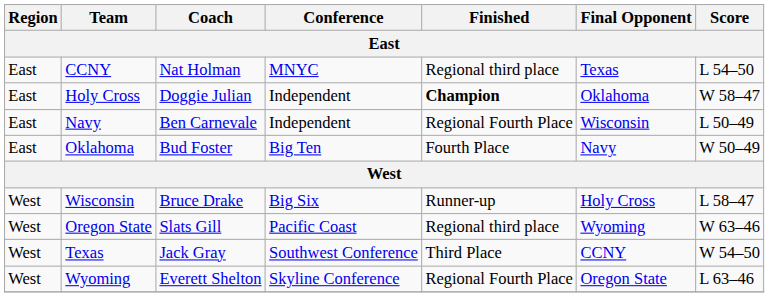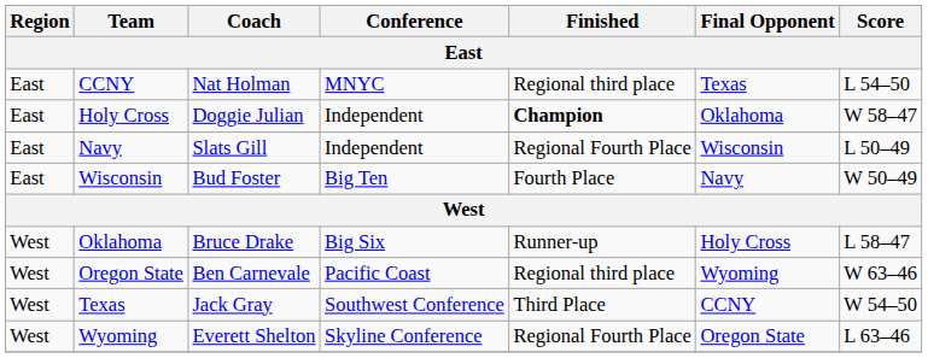 <table class=wikitable>
 <tr>
 <th>Region</th>
 <th>Team</th>
 <th>Coach</th>
 <th>Conference</th>
 <th>Finished</th>
 <th>Final Opponent</th>
 <th>Score</th>
 </tr>
 <tr>
 <th colspan=7>East</th>
 </tr>
 <tr>
 <td>East</td>
 <td><a href='#'>CCNY</a></td>
 <td><a href='#'>Nat Holman</a></td>
 <td><a href='#'>MNYC</a></td>
 <td>Regional third place</td>
 <td><a href='#'>Texas</a></td>
 <td>L 54–50</td>
 </tr>
 <tr>
 <td>East</td>
 <td><a href='#'>Holy Cross</a></td>
 <td><a href='#'>Doggie Julian</a></td>
 <td>Independent</td>
 <td><strong>Champion</strong></td>
 <td><a href='#'>Oklahoma</a></td>
 <td>W 58–47</td>
 </tr>
 <tr>
 <td>East</td>
 <td><a href='#'>Navy</a></td>
-<td><a href='#'>Ben Carnevale</a></td>
+<td><a href='#'>Slats Gill</a></td>
 <td>Independent</td>
 <td>Regional Fourth Place</td>
 <td><a href='#'>Wisconsin</a></td>
 <td>L 50–49</td>
 </tr>
 <tr>
 <td>East</td>
-<td><a href='#'>Oklahoma</a></td>
+<td><a href='#'>Wisconsin</a></td>
 <td><a href='#'>Bud Foster</a></td>
 <td><a href='#'>Big Ten</a></td>
 <td>Fourth Place</td>
 <td><a href='#'>Navy</a></td>
 <td>W 50–49</td>
 </tr>
 <tr>
 <th colspan=7>West</th>
 </tr>
 <tr>
 <td>West</td>
-<td><a href='#'>Wisconsin</a></td>
+<td><a href='#'>Oklahoma</a></td>
 <td><a href='#'>Bruce Drake</a></td>
 <td><a href='#'>Big Six</a></td>
 <td>Runner-up</td>
 <td><a href='#'>Holy Cross</a></td>
 <td>L 58–47</td>
 </tr>
 <tr>
 <td>West</td>
 <td><a href='#'>Oregon State</a></td>
-<td><a href='#'>Slats Gill</a></td>
+<td><a href='#'>Ben Carnevale</a></td>
 <td><a href='#'>Pacific Coast</a></td>
 <td>Regional third place</td>
 <td><a href='#'>Wyoming</a></td>
 <td>W 63–46</td>
 </tr>
 <tr>
 <td>West</td>
 <td><a href='#'>Texas</a></td>
 <td><a href='#'>Jack Gray</a></td>
 <td><a href='#'>Southwest Conference</a></td>
 <td>Third Place</td>
 <td><a href='#'>CCNY</a></td>
 <td>W 54–50</td>
 </tr>
 <tr>
 <td>West</td>
 <td><a href='#'>Wyoming</a></td>
 <td><a href='#'>Everett Shelton</a></td>
 <td><a href='#'>Skyline Conference</a></td>
 <td>Regional Fourth Place</td>
 <td><a href='#'>Oregon State</a></td>
 <td>L 63–46</td>
 </tr>
 <tr>
 </tr>
 </table>
